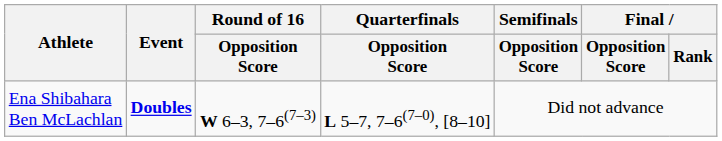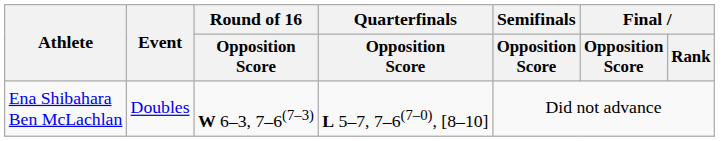 <table class=wikitable style=font-size:90%>
 <tr>
 <th rowspan=2>Athlete</th>
 <th rowspan=2>Event</th>
 <th>Round of 16</th>
 <th>Quarterfinals</th>
 <th>Semifinals</th>
 <th colspan=2>Final / </th>
 </tr>
 <tr style=font-size:95%>
 <th>Opposition<br>Score</th>
 <th>Opposition<br>Score</th>
 <th>Opposition<br>Score</th>
 <th>Opposition<br>Score</th>
 <th>Rank</th>
 </tr>
 <tr align=center>
 <td align=left><a href='#'>Ena Shibahara</a><br><a href='#'>Ben McLachlan</a></td>
-<td align=left><strong><a href='#'>Doubles</a></strong></td>
+<td align=left><a href='#'>Doubles</a></td>
 <td><br><strong>W</strong> 6–3, 7–6<sup>(7–3)</sup></td>
 <td><br><strong>L</strong> 5–7, 7–6<sup>(7–0)</sup>, [8–10]</td>
 <td colspan=3>Did not advance</td>
 </tr>
 </table>
